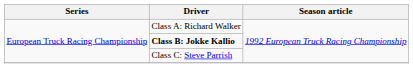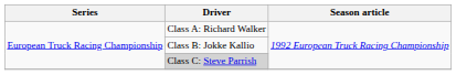 <table class="wikitable" style="font-size: 87%;">
 <tr>
 <th>Series</th>
 <th>Driver</th>
 <th>Season article</th>
 </tr>
 <tr>
 <td rowspan=3><a href='#'>European Truck Racing Championship</a></td>
 <td>Class A:  Richard Walker</td>
 <td rowspan=3><em><a href='#'>1992 European Truck Racing Championship</a></em></td>
 </tr>
 <tr>
-<td><strong>Class B:  Jokke Kallio</strong></td>
+<td>Class B:  Jokke Kallio</td>
 </tr>
 <tr>
-<td>Class C:  <a href='#'>Steve Parrish</a></td>
+<td style="background: lightgrey;">Class C:  <a href='#'>Steve Parrish</a></td>
 </tr>
 <tr>
 </tr>
 </table>
